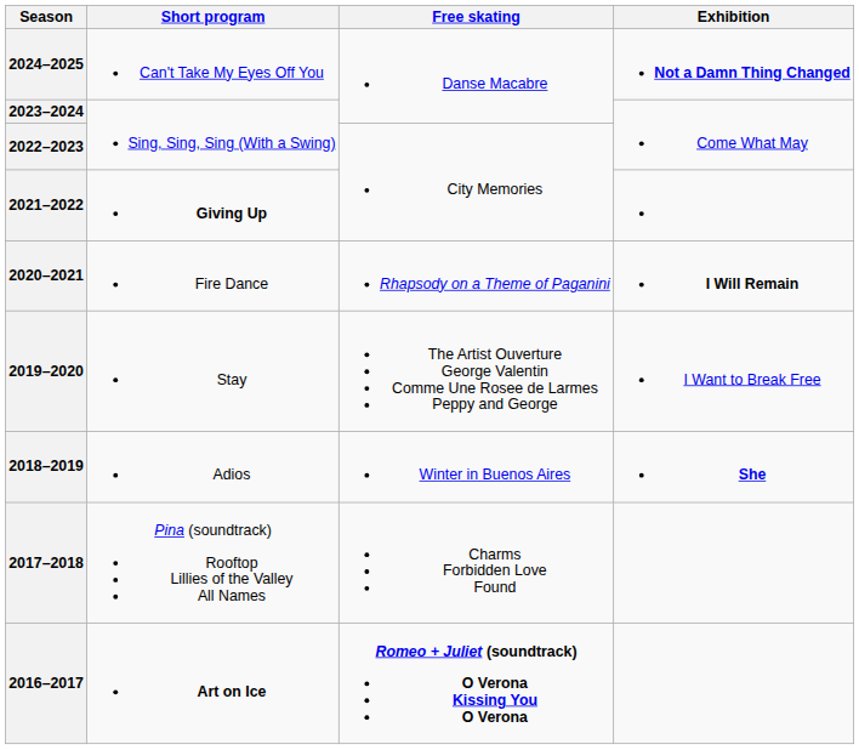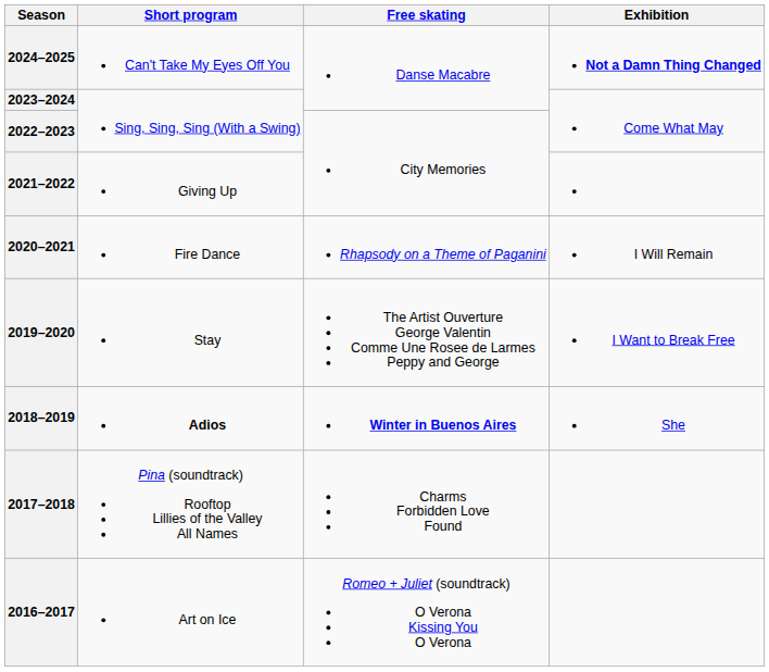 <table class=wikitable style=text-align:center>
 <tr>
 <th>Season</th>
 <th><a href='#'>Short program</a></th>
 <th><a href='#'>Free skating</a></th>
 <th>Exhibition</th>
 </tr>
 <tr>
 <th>2024–2025 <br> </th>
 <td><br><ul><li><a href='#'>Can't Take My Eyes Off You</a> <br></li></ul></td>
 <td rowspan=2><br><ul><li><a href='#'>Danse Macabre</a> <br> </li></ul></td>
 <td><strong><br><ul><li><a href='#'>Not a Damn Thing Changed</a> <br> </li></ul></strong></td>
 </tr>
 <tr>
 <th>2023–2024 <br> </th>
 <td rowspan=2><br><ul><li><a href='#'>Sing, Sing, Sing (With a Swing)</a> <br> </li></ul></td>
 <td rowspan=2><br><ul><li><a href='#'>Come What May</a> <br></li></ul></td>
 </tr>
 <tr>
 <th>2022–2023 <br> </th>
 <td rowspan=2><br><ul><li>City Memories <br> </li></ul></td>
 </tr>
 <tr>
 <th>2021–2022 <br> </th>
-<td><strong><br><ul><li>Giving Up<br></li></ul></strong></td>
+<td><br><ul><li>Giving Up<br></li></ul></td>
 <td><br><ul><li></li></ul></td>
 </tr>
 <tr>
 <th>2020–2021 <br> </th>
 <td><br><ul><li>Fire Dance<br></li></ul></td>
 <td><br><ul><li><em><a href='#'>Rhapsody on a Theme of Paganini</a></em><br></li></ul></td>
-<td><strong><br><ul><li>I Will Remain<br></li></ul></strong></td>
+<td><br><ul><li>I Will Remain<br></li></ul></td>
 </tr>
 <tr>
 <th>2019–2020 <br> </th>
 <td><br><ul><li>Stay <br> </li></ul></td>
 <td><br><ul><li>The Artist Ouverture</li><li>George Valentin</li><li>Comme Une Rosee de Larmes</li><li>Peppy and George <br></li></ul></td>
 <td><br><ul><li><a href='#'>I Want to Break Free</a> <br></li></ul></td>
 </tr>
 <tr>
 <th>2018–2019 <br> </th>
-<td><br><ul><li>Adios <br></li></ul></td>
-<td><br><ul><li><a href='#'>Winter in Buenos Aires</a> <br></li></ul></td>
-<td><strong><br><ul><li><a href='#'>She</a> <br></li></ul></strong></td>
+<td><strong><br><ul><li>Adios <br></li></ul></strong></td>
+<td><strong><br><ul><li><a href='#'>Winter in Buenos Aires</a> <br></li></ul></strong></td>
+<td><br><ul><li><a href='#'>She</a> <br></li></ul></td>
 </tr>
 <tr>
 <th>2017–2018 <br> </th>
 <td><br><em><a href='#'>Pina</a></em> (soundtrack)<ul><li>Rooftop <br></li><li>Lillies of the Valley <br></li><li>All Names <br></li></ul></td>
 <td><br><ul><li>Charms <br></li><li>Forbidden Love <br></li><li>Found <br></li></ul></td>
 <td></td>
 </tr>
 <tr>
 <th>2016–2017 <br> </th>
-<td><strong><br><ul><li>Art on Ice <br></li></ul></strong></td>
-<td><strong><br><em><a href='#'>Romeo + Juliet</a></em> (soundtrack)<ul><li>O Verona <br></li><li><a href='#'>Kissing You</a> <br></li><li>O Verona <br></li></ul></strong></td>
+<td><br><ul><li>Art on Ice <br></li></ul></td>
+<td><br><em><a href='#'>Romeo + Juliet</a></em> (soundtrack)<ul><li>O Verona <br></li><li><a href='#'>Kissing You</a> <br></li><li>O Verona <br></li></ul></td>
 <td></td>
 </tr>
 </table>
